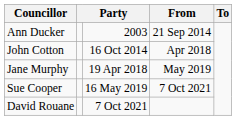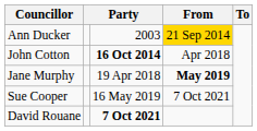 <table class=wikitable>
 <tr>
 <th>Councillor</th>
 <th colspan=2>Party</th>
 <th>From</th>
 <th>To</th>
 </tr>
 <tr>
 <td>Ann Ducker</td>
 <td></td>
 <td align=right>2003</td>
-<td align=right>21 Sep 2014</td>
+<td align=right style="background: gold;">21 Sep 2014</td>
 </tr>
 <tr>
 <td>John Cotton</td>
 <td></td>
-<td align=right>16 Oct 2014</td>
+<td align=right><strong>16 Oct 2014</strong></td>
 <td align=right>Apr 2018</td>
 </tr>
 <tr>
 <td>Jane Murphy</td>
 <td></td>
 <td align=right>19 Apr 2018</td>
-<td align=right>May 2019</td>
+<td align=right><strong>May 2019</strong></td>
 </tr>
 <tr>
 <td>Sue Cooper</td>
 <td></td>
 <td align=right>16 May 2019</td>
 <td align=right>7 Oct 2021</td>
 </tr>
 <tr>
 <td>David Rouane</td>
 <td></td>
-<td align=right>7 Oct 2021</td>
+<td align=right><strong>7 Oct 2021</strong></td>
 <td></td>
 </tr>
 </table>
